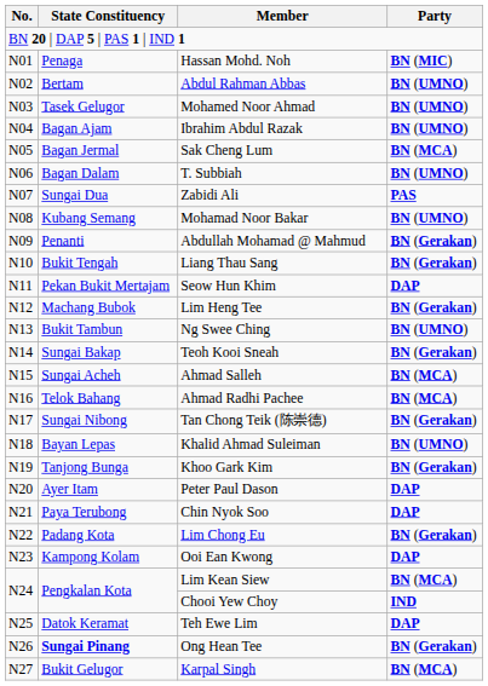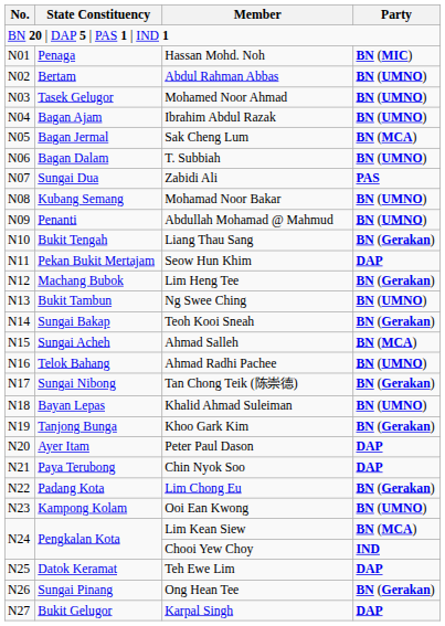 <table class="wikitable sortable">
 <tr>
 <th style="width:30px;">No.</th>
 <th style="width:150px;">State Constituency</th>
 <th style="width:230px;">Member</th>
 <th style="width:100px;">Party</th>
 </tr>
 <tr>
 <td colspan="4"><a href='#'>BN</a> <strong>20</strong> | <a href='#'>DAP</a> <strong>5</strong> | <a href='#'>PAS</a> <strong>1</strong> | <a href='#'>IND</a> <strong>1</strong></td>
 </tr>
 <tr>
 <td>N01</td>
 <td><a href='#'>Penaga</a></td>
 <td>Hassan Mohd. Noh</td>
 <td><strong><a href='#'>BN</a></strong> (<strong><a href='#'>MIC</a></strong>)</td>
 </tr>
 <tr>
 <td>N02</td>
 <td><a href='#'>Bertam</a></td>
 <td><a href='#'>Abdul Rahman Abbas</a></td>
 <td><strong><a href='#'>BN</a></strong> (<strong><a href='#'>UMNO</a></strong>)</td>
 </tr>
 <tr>
 <td>N03</td>
 <td><a href='#'>Tasek Gelugor</a></td>
 <td>Mohamed Noor Ahmad</td>
 <td><strong><a href='#'>BN</a></strong> (<strong><a href='#'>UMNO</a></strong>)</td>
 </tr>
 <tr>
 <td>N04</td>
 <td><a href='#'>Bagan Ajam</a></td>
 <td>Ibrahim Abdul Razak</td>
 <td><strong><a href='#'>BN</a></strong> (<strong><a href='#'>UMNO</a></strong>)</td>
 </tr>
 <tr>
 <td>N05</td>
 <td><a href='#'>Bagan Jermal</a></td>
 <td>Sak Cheng Lum</td>
 <td><strong><a href='#'>BN</a></strong> (<strong><a href='#'>MCA</a></strong>)</td>
 </tr>
 <tr>
 <td>N06</td>
 <td><a href='#'>Bagan Dalam</a></td>
 <td>T. Subbiah</td>
 <td><strong><a href='#'>BN</a></strong> (<strong><a href='#'>UMNO</a></strong>)</td>
 </tr>
 <tr>
 <td>N07</td>
 <td><a href='#'>Sungai Dua</a></td>
 <td>Zabidi Ali</td>
 <td><strong><a href='#'>PAS</a></strong></td>
 </tr>
 <tr>
 <td>N08</td>
 <td><a href='#'>Kubang Semang</a></td>
 <td>Mohamad Noor Bakar</td>
 <td><strong><a href='#'>BN</a></strong> (<strong><a href='#'>UMNO</a></strong>)</td>
 </tr>
 <tr>
 <td>N09</td>
 <td><a href='#'>Penanti</a></td>
 <td>Abdullah Mohamad @ Mahmud</td>
-<td><strong><a href='#'>BN</a></strong> (<strong><a href='#'>Gerakan</a></strong>)</td>
+<td><strong><a href='#'>BN</a></strong> (<strong><a href='#'>UMNO</a></strong>)</td>
 </tr>
 <tr>
 <td>N10</td>
 <td><a href='#'>Bukit Tengah</a></td>
 <td>Liang Thau Sang</td>
 <td><strong><a href='#'>BN</a></strong> (<strong><a href='#'>Gerakan</a></strong>)</td>
 </tr>
 <tr>
 <td>N11</td>
 <td><a href='#'>Pekan Bukit Mertajam</a></td>
 <td>Seow Hun Khim</td>
 <td><strong><a href='#'>DAP</a></strong></td>
 </tr>
 <tr>
 <td>N12</td>
 <td><a href='#'>Machang Bubok</a></td>
 <td>Lim Heng Tee</td>
 <td><strong><a href='#'>BN</a></strong> (<strong><a href='#'>Gerakan</a></strong>)</td>
 </tr>
 <tr>
 <td>N13</td>
 <td><a href='#'>Bukit Tambun</a></td>
 <td>Ng Swee Ching</td>
 <td><strong><a href='#'>BN</a></strong> (<strong><a href='#'>UMNO</a></strong>)</td>
 </tr>
 <tr>
 <td>N14</td>
 <td><a href='#'>Sungai Bakap</a></td>
 <td>Teoh Kooi Sneah</td>
 <td><strong><a href='#'>BN</a></strong> (<strong><a href='#'>Gerakan</a></strong>)</td>
 </tr>
 <tr>
 <td>N15</td>
 <td><a href='#'>Sungai Acheh</a></td>
 <td>Ahmad Salleh</td>
 <td><strong><a href='#'>BN</a></strong> (<strong><a href='#'>MCA</a></strong>)</td>
 </tr>
 <tr>
 <td>N16</td>
 <td><a href='#'>Telok Bahang</a></td>
 <td>Ahmad Radhi Pachee</td>
-<td><strong><a href='#'>BN</a></strong> (<strong><a href='#'>MCA</a></strong>)</td>
+<td><strong><a href='#'>BN</a></strong> (<strong><a href='#'>UMNO</a></strong>)</td>
 </tr>
 <tr>
 <td>N17</td>
 <td><a href='#'>Sungai Nibong</a></td>
 <td>Tan Chong Teik (陈崇德)</td>
 <td><strong><a href='#'>BN</a></strong> (<strong><a href='#'>Gerakan</a></strong>)</td>
 </tr>
 <tr>
 <td>N18</td>
 <td><a href='#'>Bayan Lepas</a></td>
 <td>Khalid Ahmad Suleiman</td>
 <td><strong><a href='#'>BN</a></strong> (<strong><a href='#'>UMNO</a></strong>)</td>
 </tr>
 <tr>
 <td>N19</td>
 <td><a href='#'>Tanjong Bunga</a></td>
 <td>Khoo Gark Kim</td>
 <td><strong><a href='#'>BN</a></strong> (<strong><a href='#'>Gerakan</a></strong>)</td>
 </tr>
 <tr>
 <td>N20</td>
 <td><a href='#'>Ayer Itam</a></td>
 <td>Peter Paul Dason</td>
 <td><strong><a href='#'>DAP</a></strong></td>
 </tr>
 <tr>
 <td>N21</td>
 <td><a href='#'>Paya Terubong</a></td>
 <td>Chin Nyok Soo</td>
 <td><strong><a href='#'>DAP</a></strong></td>
 </tr>
 <tr>
 <td>N22</td>
 <td><a href='#'>Padang Kota</a></td>
 <td><a href='#'>Lim Chong Eu</a></td>
 <td><strong><a href='#'>BN</a></strong> (<strong><a href='#'>Gerakan</a></strong>)</td>
 </tr>
 <tr>
 <td>N23</td>
 <td><a href='#'>Kampong Kolam</a></td>
 <td>Ooi Ean Kwong </td>
-<td><strong><a href='#'>DAP</a></strong></td>
+<td><strong><a href='#'>BN</a></strong> (<strong><a href='#'>UMNO</a></strong>)</td>
 </tr>
 <tr>
 <td rowspan=2>N24</td>
 <td rowspan=2><a href='#'>Pengkalan Kota</a></td>
 <td>Lim Kean Siew </td>
 <td><strong><a href='#'>BN</a></strong> (<strong><a href='#'>MCA</a></strong>)</td>
 </tr>
 <tr>
 <td>Chooi Yew Choy </td>
 <td><strong><a href='#'>IND</a></strong></td>
 </tr>
 <tr>
 <td>N25</td>
 <td><a href='#'>Datok Keramat</a></td>
 <td>Teh Ewe Lim</td>
 <td><strong><a href='#'>DAP</a></strong></td>
 </tr>
 <tr>
 <td>N26</td>
-<td><strong><a href='#'>Sungai Pinang</a></strong></td>
+<td><a href='#'>Sungai Pinang</a></td>
 <td>Ong Hean Tee</td>
 <td><strong><a href='#'>BN</a></strong> (<strong><a href='#'>Gerakan</a></strong>)</td>
 </tr>
 <tr>
 <td>N27</td>
 <td><a href='#'>Bukit Gelugor</a></td>
 <td><a href='#'>Karpal Singh</a></td>
-<td><strong><a href='#'>BN</a></strong> (<strong><a href='#'>MCA</a></strong>)</td>
+<td><strong><a href='#'>DAP</a></strong></td>
 </tr>
 </table>
